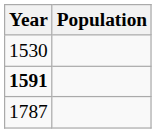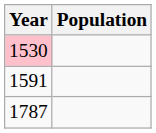 <table class="wikitable">
 <tr>
 <th>Year</th>
 <th colspan="2">Population</th>
 </tr>
 <tr>
-<td>1530</td>
+<td style="background: pink;">1530</td>
 <td align = right></td>
 </tr>
 <tr>
-<td><strong>1591</strong></td>
+<td>1591</td>
 <td align = right></td>
 </tr>
 <tr>
 <td>1787</td>
 <td align = right></td>
 </tr>
 </table>
